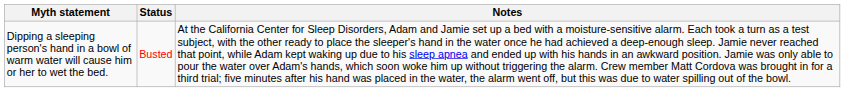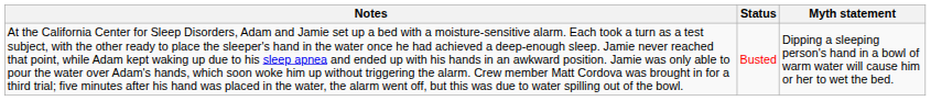 <table class="wikitable plainrowheaders">
 <tr>
+<th>Notes</th>
+<th>Status</th>
 <th>Myth statement</th>
-<th>Status</th>
-<th>Notes</th>
 </tr>
 <tr>
+<td>At the California Center for Sleep Disorders, Adam and Jamie set up a bed with a moisture-sensitive alarm. Each took a turn as a test subject, with the other ready to place the sleeper's hand in the water once he had achieved a deep-enough sleep. Jamie never reached that point, while Adam kept waking up due to his <a href='#'>sleep apnea</a> and ended up with his hands in an awkward position. Jamie was only able to pour the water over Adam's hands, which soon woke him up without triggering the alarm. Crew member Matt Cordova was brought in for a third trial; five minutes after his hand was placed in the water, the alarm went off, but this was due to water spilling out of the bowl.</td>
+<td style="color:red">Busted</td>
 <td>Dipping a sleeping person's hand in a bowl of warm water will cause him or her to wet the bed.</td>
-<td style="color:red">Busted</td>
-<td>At the California Center for Sleep Disorders, Adam and Jamie set up a bed with a moisture-sensitive alarm. Each took a turn as a test subject, with the other ready to place the sleeper's hand in the water once he had achieved a deep-enough sleep. Jamie never reached that point, while Adam kept waking up due to his <a href='#'>sleep apnea</a> and ended up with his hands in an awkward position. Jamie was only able to pour the water over Adam's hands, which soon woke him up without triggering the alarm. Crew member Matt Cordova was brought in for a third trial; five minutes after his hand was placed in the water, the alarm went off, but this was due to water spilling out of the bowl.</td>
 </tr>
 </table>
